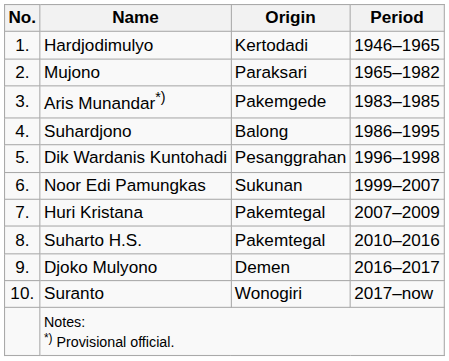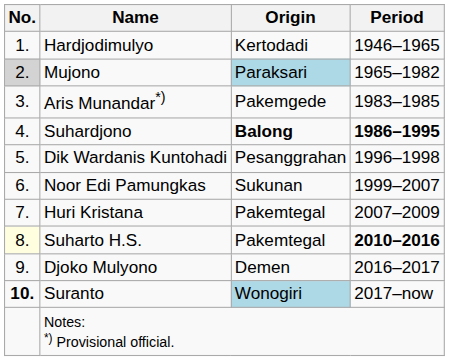 <table class="wikitable">
 <tr>
 <th>No.</th>
 <th>Name</th>
 <th>Origin</th>
 <th>Period</th>
 </tr>
 <tr>
 <td align="center">1.</td>
 <td>Hardjodimulyo</td>
 <td>Kertodadi</td>
 <td>1946–1965</td>
 </tr>
 <tr>
-<td align="center">2.</td>
+<td align="center" style="background: lightgrey;">2.</td>
 <td>Mujono</td>
-<td>Paraksari</td>
+<td style="background: lightblue;">Paraksari</td>
 <td>1965–1982</td>
 </tr>
 <tr>
 <td align="center">3.</td>
 <td>Aris Munandar<sup>*)</sup></td>
 <td>Pakemgede</td>
 <td>1983–1985</td>
 </tr>
 <tr>
 <td align="center">4.</td>
 <td>Suhardjono</td>
-<td>Balong</td>
-<td>1986–1995</td>
+<td><strong>Balong</strong></td>
+<td><strong>1986–1995</strong></td>
 </tr>
 <tr>
 <td align="center">5.</td>
 <td>Dik Wardanis Kuntohadi</td>
 <td>Pesanggrahan</td>
 <td>1996–1998</td>
 </tr>
 <tr>
 <td align="center">6.</td>
 <td>Noor Edi Pamungkas</td>
 <td>Sukunan</td>
 <td>1999–2007</td>
 </tr>
 <tr>
 <td align="center">7.</td>
 <td>Huri Kristana</td>
 <td>Pakemtegal</td>
 <td>2007–2009</td>
 </tr>
 <tr>
-<td align="center">8.</td>
+<td align="center" style="background: lightyellow;">8.</td>
 <td>Suharto H.S.</td>
 <td>Pakemtegal</td>
-<td>2010–2016</td>
+<td><strong>2010–2016</strong></td>
 </tr>
 <tr>
 <td align="center">9.</td>
 <td>Djoko Mulyono</td>
 <td>Demen</td>
 <td>2016–2017</td>
 </tr>
 <tr>
-<td align="center">10.</td>
+<td align="center"><strong>10.</strong></td>
 <td>Suranto</td>
-<td>Wonogiri</td>
+<td style="background: lightblue;">Wonogiri</td>
 <td>2017–now</td>
 </tr>
 <tr>
 <td></td>
 <td colspan="3"><small>Notes:</small><br><small><sup>*)</sup> Provisional official.</small></td>
 </tr>
 </table>
